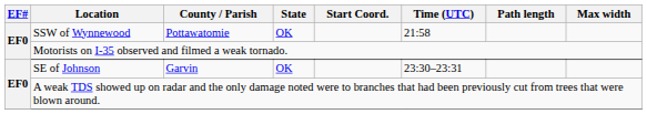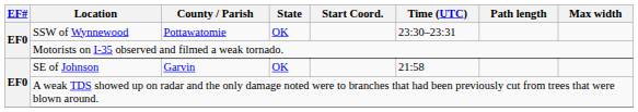 <table class="wikitable sortable" style="width:100%;">
 <tr>
 <th scope="col" width="2%" align="center"><a href='#'>EF#</a></th>
 <th scope="col" align="center" class="unsortable">Location</th>
 <th scope="col" align="center" class="unsortable">County / Parish</th>
 <th scope="col" align="center">State</th>
 <th scope="col" align="center">Start Coord.</th>
 <th scope="col" align="center">Time (<a href='#'>UTC</a>)</th>
 <th scope="col" align="center">Path length</th>
 <th scope="col" align="center">Max width</th>
 </tr>
 <tr>
 <th scope="row" rowspan="2" style="background-color:#">EF0</th>
 <td>SSW of <a href='#'>Wynnewood</a></td>
 <td><a href='#'>Pottawatomie</a></td>
 <td><a href='#'>OK</a></td>
 <td></td>
-<td>21:58</td>
+<td>23:30–23:31</td>
 <td></td>
 <td></td>
 </tr>
 <tr class="expand-child">
 <td colspan="8" style=" border-bottom: 1px solid black;">Motorists on <a href='#'>I-35</a> observed and filmed a weak tornado.</td>
 </tr>
 <tr>
 <th scope="row" rowspan="2" style="background-color:#">EF0</th>
 <td>SE of <a href='#'>Johnson</a></td>
 <td><a href='#'>Garvin</a></td>
 <td><a href='#'>OK</a></td>
 <td></td>
-<td>23:30–23:31</td>
+<td>21:58</td>
 <td></td>
 <td></td>
 </tr>
 <tr class="expand-child">
 <td colspan="8" style=" border-bottom: 1px solid black;">A weak <a href='#'>TDS</a> showed up on radar and the only damage noted were to branches that had been previously cut from trees that were blown around.</td>
 </tr>
 <tr>
 </tr>
 </table>
